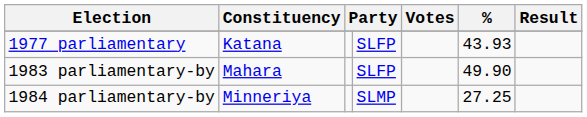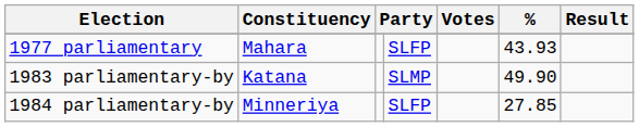 <table class="wikitable" style="text-align:left;">
 <tr>
 <th scope=col>Election</th>
 <th scope=col>Constituency</th>
 <th scope=col colspan="2">Party</th>
 <th scope=col>Votes</th>
 <th scope=col>%</th>
 <th scope=col>Result</th>
 </tr>
 <tr>
 </tr>
 <tr>
 <td><a href='#'>1977 parliamentary</a></td>
-<td><a href='#'>Katana</a></td>
+<td><a href='#'>Mahara</a></td>
 <td style="background:"></td>
 <td><a href='#'>SLFP</a></td>
 <td align=right></td>
 <td>43.93</td>
 <td></td>
 </tr>
 <tr>
 <td>1983 parliamentary-by</td>
-<td><a href='#'>Mahara</a></td>
+<td><a href='#'>Katana</a></td>
 <td style="background:"></td>
-<td><a href='#'>SLFP</a></td>
+<td><a href='#'>SLMP</a></td>
 <td align=right></td>
 <td>49.90</td>
 <td></td>
 </tr>
 <tr>
 <td>1984 parliamentary-by</td>
 <td><a href='#'>Minneriya</a></td>
 <td style="background:"></td>
-<td><a href='#'>SLMP</a></td>
+<td><a href='#'>SLFP</a></td>
 <td align=right></td>
-<td>27.25</td>
+<td>27.85</td>
 <td></td>
 </tr>
 </table>
